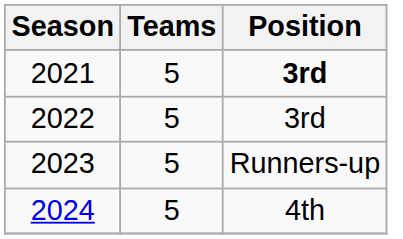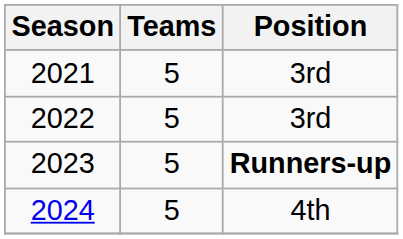 <table class="wikitable" style="text-align:center">
 <tr style="background:#efefef;">
 <th>Season</th>
 <th>Teams</th>
 <th>Position</th>
 </tr>
 <tr>
 <td>2021</td>
 <td>5</td>
-<td><strong>3rd</strong></td>
+<td>3rd</td>
 </tr>
 <tr>
 <td>2022</td>
 <td>5</td>
 <td>3rd</td>
 </tr>
 <tr>
 <td>2023</td>
 <td>5</td>
-<td>Runners-up</td>
+<td><strong>Runners-up</strong></td>
 </tr>
 <tr>
 <td><a href='#'>2024</a></td>
 <td>5</td>
 <td>4th</td>
 </tr>
 <tr>
 </tr>
 </table>
